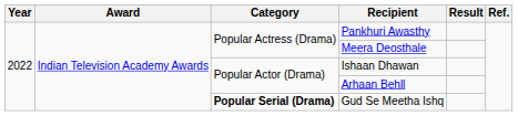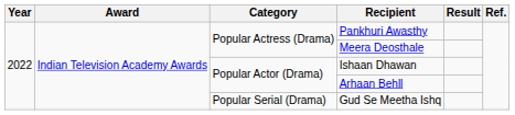 <table class="wikitable">
 <tr>
 <th>Year</th>
 <th>Award</th>
 <th>Category</th>
 <th>Recipient</th>
 <th>Result</th>
 <th>Ref.</th>
 </tr>
 <tr>
 <td rowspan="5">2022</td>
 <td rowspan="5"><a href='#'>Indian Television Academy Awards</a></td>
 <td rowspan="2">Popular Actress (Drama)</td>
 <td><a href='#'>Pankhuri Awasthy</a></td>
 <td></td>
 <td rowspan="5"></td>
 </tr>
 <tr>
 <td><a href='#'>Meera Deosthale</a></td>
 <td></td>
 </tr>
 <tr>
 <td rowspan="2">Popular Actor (Drama)</td>
 <td>Ishaan Dhawan</td>
 <td></td>
 </tr>
 <tr>
 <td><a href='#'>Arhaan Behll</a></td>
 <td></td>
 </tr>
 <tr>
-<td><strong>Popular Serial (Drama)</strong></td>
+<td>Popular Serial (Drama)</td>
 <td>Gud Se Meetha Ishq</td>
 <td></td>
 </tr>
 </table>
